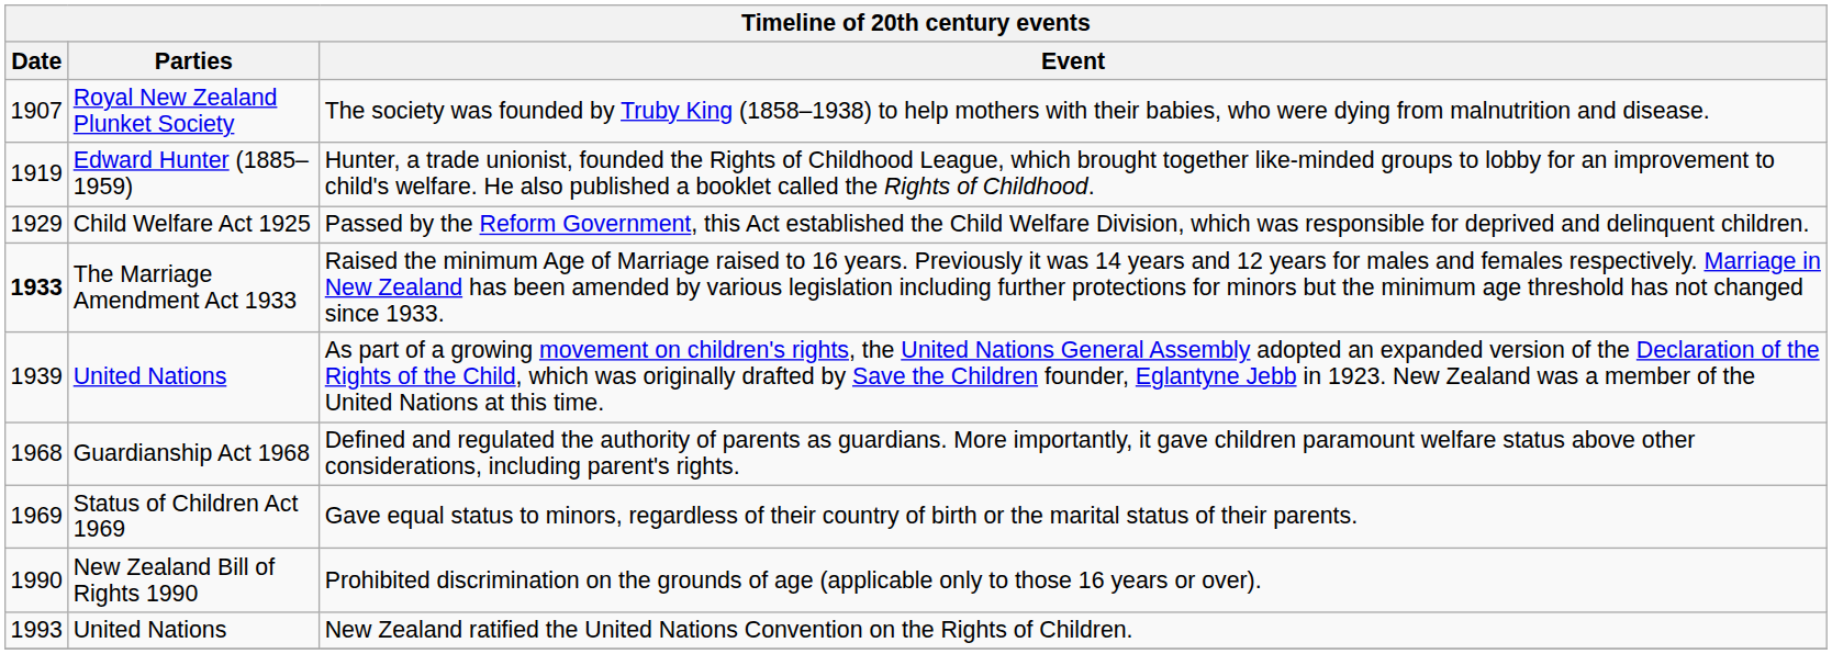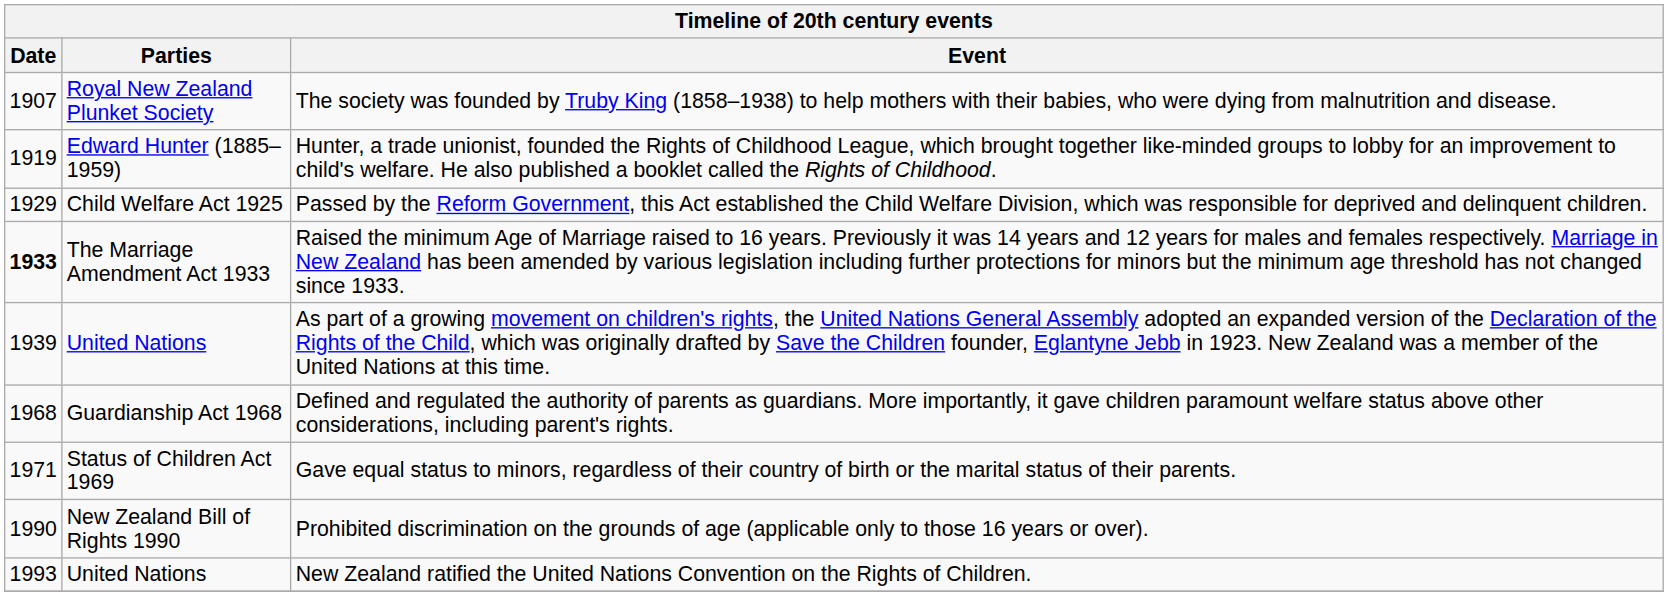 <table class="wikitable">
 <tr>
 <th align="center" colspan="6">Timeline of 20th century events</th>
 </tr>
 <tr>
 <th>Date</th>
 <th>Parties</th>
 <th>Event</th>
 </tr>
 <tr>
 <td>1907</td>
 <td><a href='#'>Royal New Zealand Plunket Society</a></td>
 <td>The society was founded by <a href='#'>Truby King</a> (1858–1938) to help mothers with their babies, who were dying from malnutrition and disease.</td>
 </tr>
 <tr>
 <td>1919</td>
 <td><a href='#'>Edward Hunter</a> (1885–1959)</td>
 <td>Hunter, a trade unionist, founded the Rights of Childhood League, which brought together like-minded groups to lobby for an improvement to child's welfare. He also published a booklet called the <em>Rights of Childhood</em>.</td>
 </tr>
 <tr>
 <td>1929</td>
 <td>Child Welfare Act 1925</td>
 <td>Passed by the <a href='#'>Reform Government</a>, this Act established the Child Welfare Division, which was responsible for deprived and delinquent children.</td>
 </tr>
 <tr>
 <td><strong>1933</strong></td>
 <td>The Marriage Amendment Act 1933</td>
 <td>Raised the minimum Age of Marriage raised to 16 years. Previously it was 14 years and 12 years for males and females respectively. <a href='#'>Marriage in New Zealand</a> has been amended by various legislation including further protections for minors but the minimum age threshold has not changed since 1933.</td>
 </tr>
 <tr>
 <td>1939</td>
 <td><a href='#'>United Nations</a></td>
 <td>As part of a growing <a href='#'>movement on children's rights</a>, the <a href='#'>United Nations General Assembly</a> adopted an expanded version of the <a href='#'>Declaration of the Rights of the Child</a>, which was originally drafted by <a href='#'>Save the Children</a> founder, <a href='#'>Eglantyne Jebb</a> in 1923. New Zealand was a member of the United Nations at this time.</td>
 </tr>
 <tr>
 <td>1968</td>
 <td>Guardianship Act 1968</td>
 <td>Defined and regulated the authority of parents as guardians. More importantly, it gave children paramount welfare status above other considerations, including parent's rights.</td>
 </tr>
 <tr>
-<td>1969</td>
+<td>1971</td>
 <td>Status of Children Act 1969</td>
 <td>Gave equal status to minors, regardless of their country of birth or the marital status of their parents.</td>
 </tr>
 <tr>
 <td>1990</td>
 <td>New Zealand Bill of Rights 1990</td>
 <td>Prohibited discrimination on the grounds of age (applicable only to those 16 years or over).</td>
 </tr>
 <tr>
 <td>1993</td>
 <td>United Nations</td>
 <td>New Zealand ratified the United Nations Convention on the Rights of Children.</td>
 </tr>
 <tr>
 </tr>
 </table>
